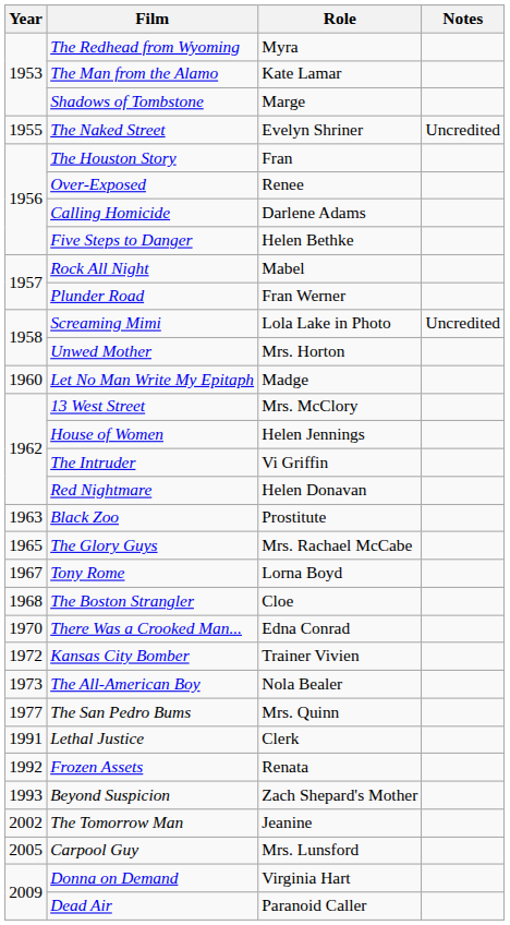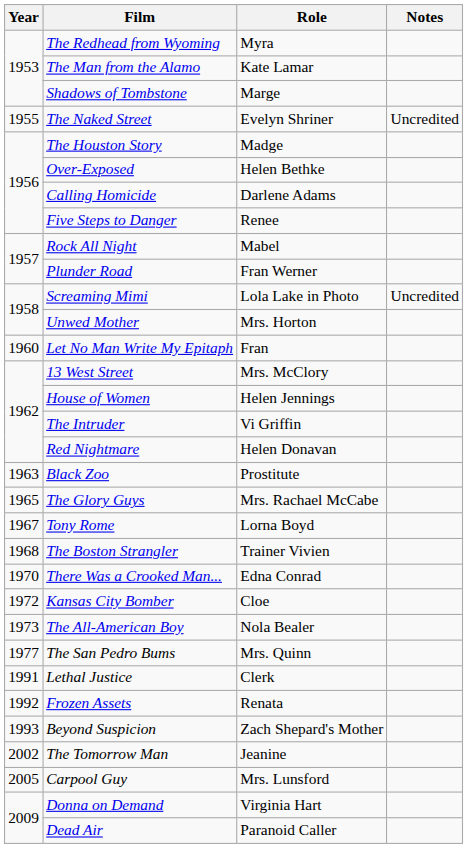 <table class="wikitable sortable" style="font-size:90%">
 <tr>
 <th>Year</th>
 <th>Film</th>
 <th>Role</th>
 <th class="unsortable">Notes</th>
 </tr>
 <tr>
 <td rowspan=3>1953</td>
 <td><em><a href='#'>The Redhead from Wyoming</a></em></td>
 <td>Myra</td>
 <td></td>
 </tr>
 <tr>
 <td><em><a href='#'>The Man from the Alamo</a></em></td>
 <td>Kate Lamar</td>
 <td></td>
 </tr>
 <tr>
 <td><em><a href='#'>Shadows of Tombstone</a></em></td>
 <td>Marge</td>
 <td></td>
 </tr>
 <tr>
 <td>1955</td>
 <td><em><a href='#'>The Naked Street</a></em></td>
 <td>Evelyn Shriner</td>
 <td>Uncredited</td>
 </tr>
 <tr>
 <td rowspan=4>1956</td>
 <td><em><a href='#'>The Houston Story</a></em></td>
-<td>Fran</td>
+<td>Madge</td>
 <td></td>
 </tr>
 <tr>
 <td><em><a href='#'>Over-Exposed</a></em></td>
-<td>Renee</td>
+<td>Helen Bethke</td>
 <td></td>
 </tr>
 <tr>
 <td><em><a href='#'>Calling Homicide</a></em></td>
 <td>Darlene Adams</td>
 <td></td>
 </tr>
 <tr>
 <td><em><a href='#'>Five Steps to Danger</a></em></td>
-<td>Helen Bethke</td>
+<td>Renee</td>
 <td></td>
 </tr>
 <tr>
 <td rowspan=2>1957</td>
 <td><em><a href='#'>Rock All Night</a></em></td>
 <td>Mabel</td>
 <td></td>
 </tr>
 <tr>
 <td><em><a href='#'>Plunder Road</a></em></td>
 <td>Fran Werner</td>
 <td></td>
 </tr>
 <tr>
 <td rowspan=2>1958</td>
 <td><em><a href='#'>Screaming Mimi</a></em></td>
 <td>Lola Lake in Photo</td>
 <td>Uncredited</td>
 </tr>
 <tr>
 <td><em><a href='#'>Unwed Mother</a></em></td>
 <td>Mrs. Horton</td>
 <td></td>
 </tr>
 <tr>
 <td>1960</td>
 <td><em><a href='#'>Let No Man Write My Epitaph</a></em></td>
-<td>Madge</td>
+<td>Fran</td>
 <td></td>
 </tr>
 <tr>
 <td rowspan=4>1962</td>
 <td><em><a href='#'>13 West Street</a></em></td>
 <td>Mrs. McClory</td>
 <td></td>
 </tr>
 <tr>
 <td><em><a href='#'>House of Women</a></em></td>
 <td>Helen Jennings</td>
 <td></td>
 </tr>
 <tr>
 <td><em><a href='#'>The Intruder</a></em></td>
 <td>Vi Griffin</td>
 <td></td>
 </tr>
 <tr>
 <td><em><a href='#'>Red Nightmare</a></em></td>
 <td>Helen Donavan</td>
 <td></td>
 </tr>
 <tr>
 <td>1963</td>
 <td><em><a href='#'>Black Zoo</a></em></td>
 <td>Prostitute</td>
 <td></td>
 </tr>
 <tr>
 <td>1965</td>
 <td><em><a href='#'>The Glory Guys</a></em></td>
 <td>Mrs. Rachael McCabe</td>
 <td></td>
 </tr>
 <tr>
 <td>1967</td>
 <td><em><a href='#'>Tony Rome</a></em></td>
 <td>Lorna Boyd</td>
 <td></td>
 </tr>
 <tr>
 <td>1968</td>
 <td><em><a href='#'>The Boston Strangler</a></em></td>
-<td>Cloe</td>
+<td>Trainer Vivien</td>
 <td></td>
 </tr>
 <tr>
 <td>1970</td>
 <td><em><a href='#'>There Was a Crooked Man...</a></em></td>
 <td>Edna Conrad</td>
 <td></td>
 </tr>
 <tr>
 <td>1972</td>
 <td><em><a href='#'>Kansas City Bomber</a></em></td>
-<td>Trainer Vivien</td>
+<td>Cloe</td>
 <td></td>
 </tr>
 <tr>
 <td>1973</td>
 <td><em><a href='#'>The All-American Boy</a></em></td>
 <td>Nola Bealer</td>
 <td></td>
 </tr>
 <tr>
 <td>1977</td>
 <td><em>The San Pedro Bums</em></td>
 <td>Mrs. Quinn</td>
 <td></td>
 </tr>
 <tr>
 <td>1991</td>
 <td><em>Lethal Justice</em></td>
 <td>Clerk</td>
 <td></td>
 </tr>
 <tr>
 <td>1992</td>
 <td><em><a href='#'>Frozen Assets</a></em></td>
 <td>Renata</td>
 <td></td>
 </tr>
 <tr>
 <td>1993</td>
 <td><em>Beyond Suspicion</em></td>
 <td>Zach Shepard's Mother</td>
 <td></td>
 </tr>
 <tr>
 <td>2002</td>
 <td><em>The Tomorrow Man</em></td>
 <td>Jeanine</td>
 <td></td>
 </tr>
 <tr>
 <td>2005</td>
 <td><em>Carpool Guy</em></td>
 <td>Mrs. Lunsford</td>
 <td></td>
 </tr>
 <tr>
 <td rowspan=2>2009</td>
 <td><em><a href='#'>Donna on Demand</a></em></td>
 <td>Virginia Hart</td>
 <td></td>
 </tr>
 <tr>
 <td><em><a href='#'>Dead Air</a></em></td>
 <td>Paranoid Caller</td>
 <td></td>
 </tr>
 </table>
